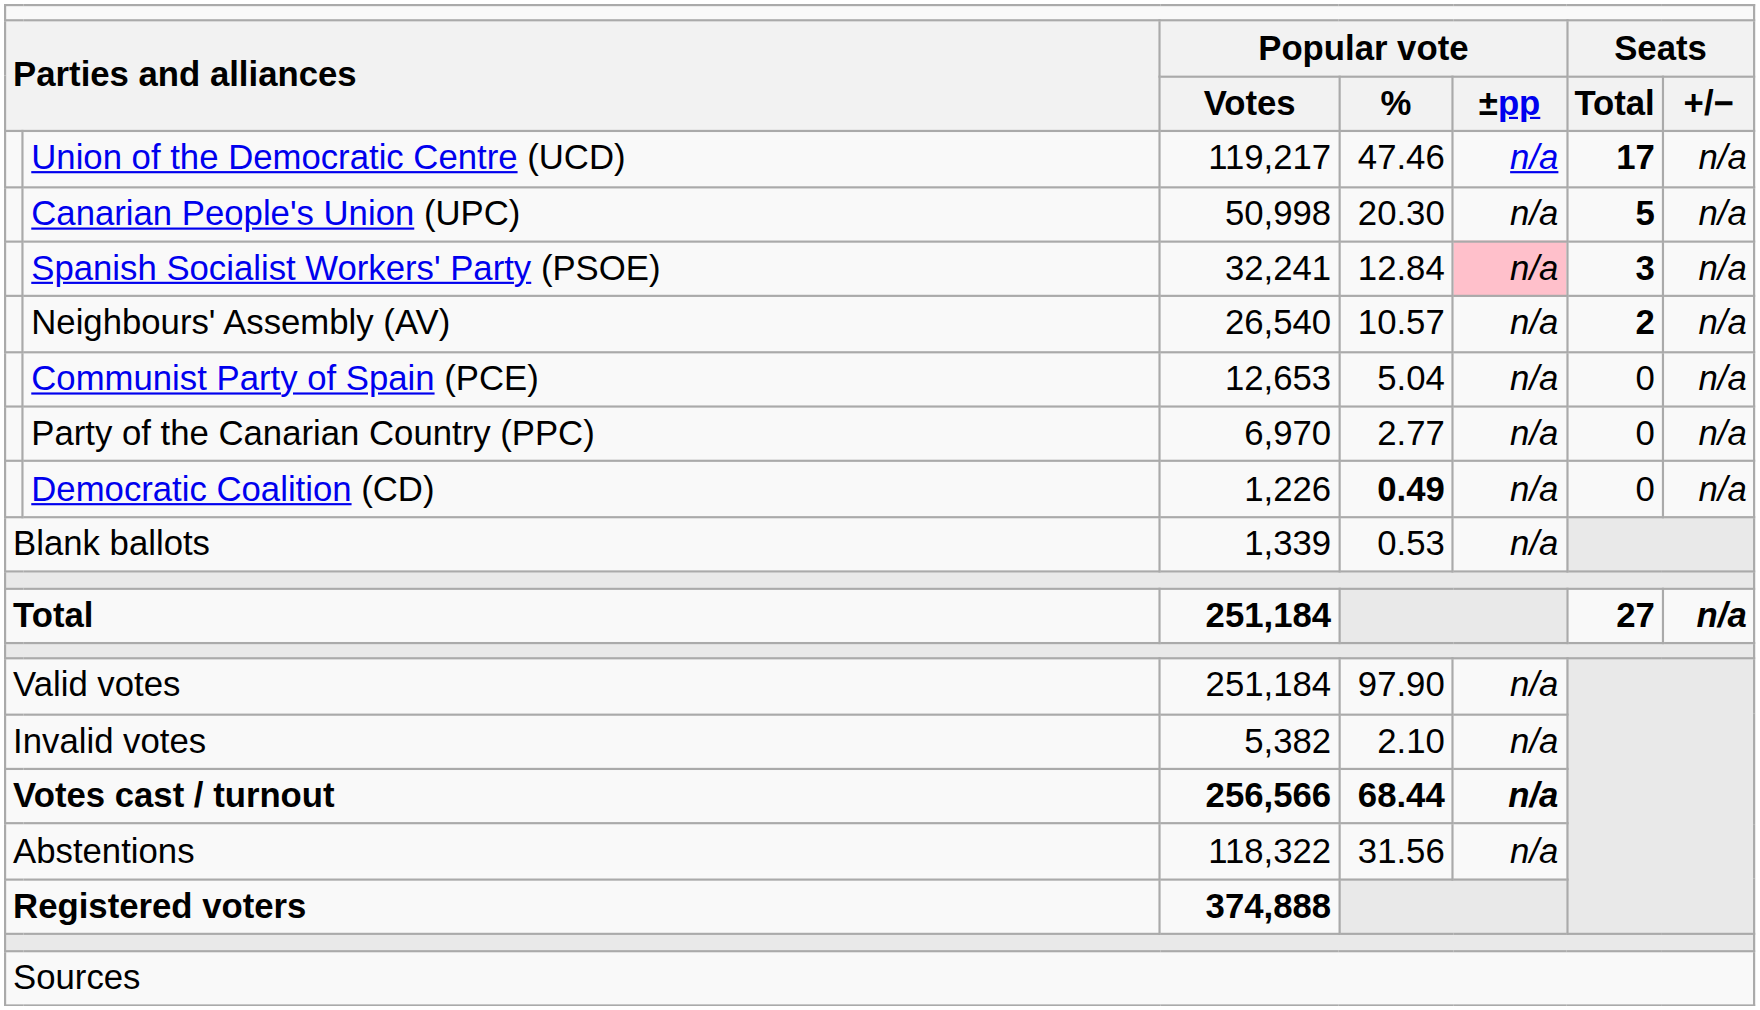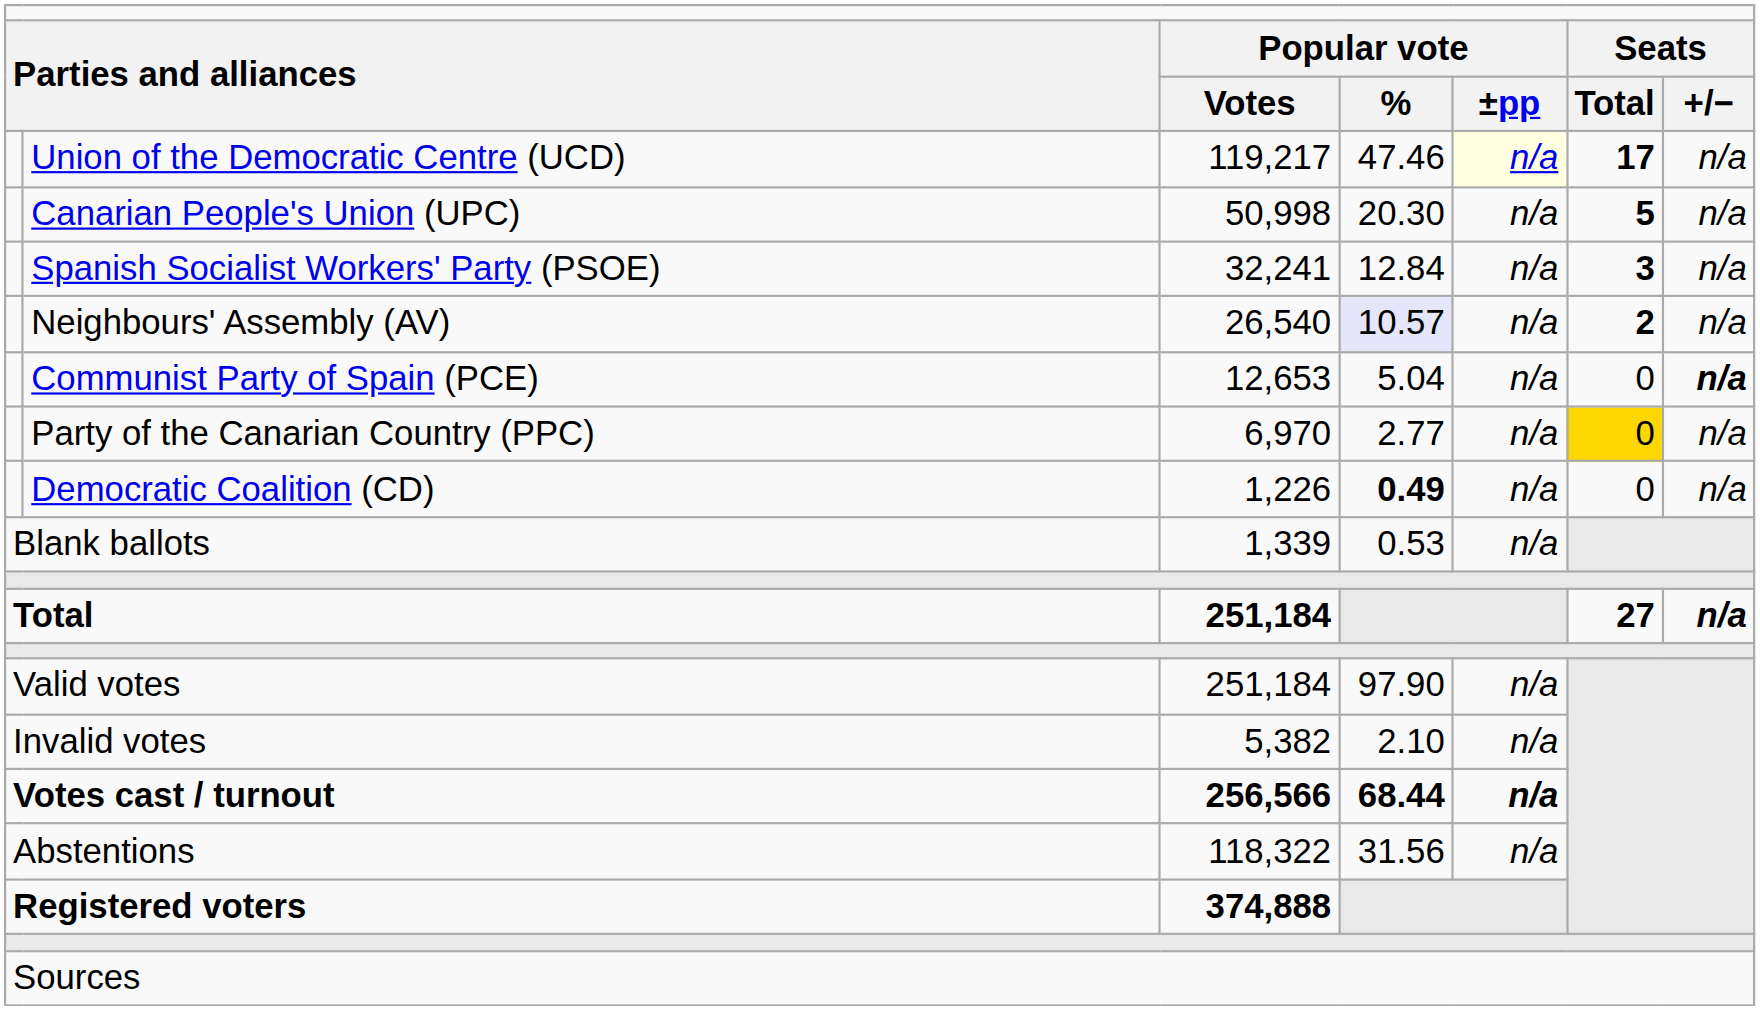 <table class="wikitable" style="text-align:right;">
 <tr>
 <td colspan="7"></td>
 </tr>
 <tr>
 <th style="text-align:left;" rowspan="2" colspan="2" width="525">Parties and alliances</th>
 <th colspan="3">Popular vote</th>
 <th colspan="2">Seats</th>
 </tr>
 <tr>
 <th width="75">Votes</th>
 <th width="45">%</th>
 <th width="45">±<a href='#'>pp</a></th>
 <th width="35">Total</th>
 <th width="35">+/−</th>
 </tr>
 <tr>
 <td width="1" style="color:inherit;background:"></td>
 <td align="left"><a href='#'>Union of the Democratic Centre</a> (UCD)</td>
 <td>119,217</td>
 <td>47.46</td>
-<td><em><a href='#'>n/a</a></em></td>
+<td style="background: lightyellow;"><em><a href='#'>n/a</a></em></td>
 <td><strong>17</strong></td>
 <td><em>n/a</em></td>
 </tr>
 <tr>
 <td style="color:inherit;background:"></td>
 <td align="left"><a href='#'>Canarian People's Union</a> (UPC)</td>
 <td>50,998</td>
 <td>20.30</td>
 <td><em>n/a</em></td>
 <td><strong>5</strong></td>
 <td><em>n/a</em></td>
 </tr>
 <tr>
 <td style="color:inherit;background:"></td>
 <td align="left"><a href='#'>Spanish Socialist Workers' Party</a> (PSOE)</td>
 <td>32,241</td>
 <td>12.84</td>
-<td style="background: pink;"><em>n/a</em></td>
+<td><em>n/a</em></td>
 <td><strong>3</strong></td>
 <td><em>n/a</em></td>
 </tr>
 <tr>
 <td style="color:inherit;background:"></td>
 <td align="left">Neighbours' Assembly (AV)</td>
 <td>26,540</td>
-<td>10.57</td>
+<td style="background: lavender;">10.57</td>
 <td><em>n/a</em></td>
 <td><strong>2</strong></td>
 <td><em>n/a</em></td>
 </tr>
 <tr>
 <td style="color:inherit;background:"></td>
 <td align="left"><a href='#'>Communist Party of Spain</a> (PCE)</td>
 <td>12,653</td>
 <td>5.04</td>
 <td><em>n/a</em></td>
 <td>0</td>
-<td><em>n/a</em></td>
+<td><strong><em>n/a</em></strong></td>
 </tr>
 <tr>
 <td style="color:inherit;background:"></td>
 <td align="left">Party of the Canarian Country (PPC)</td>
 <td>6,970</td>
 <td>2.77</td>
 <td><em>n/a</em></td>
-<td>0</td>
+<td style="background: gold;">0</td>
 <td><em>n/a</em></td>
 </tr>
 <tr>
 <td style="color:inherit;background:"></td>
 <td align="left"><a href='#'>Democratic Coalition</a> (CD)</td>
 <td>1,226</td>
 <td><strong>0.49</strong></td>
 <td><em>n/a</em></td>
 <td>0</td>
 <td><em>n/a</em></td>
 </tr>
 <tr>
 <td align="left" colspan="2">Blank ballots</td>
 <td>1,339</td>
 <td>0.53</td>
 <td><em>n/a</em></td>
 <td bgcolor="#E9E9E9" colspan="2"></td>
 </tr>
 <tr>
 <td colspan="7" bgcolor="#E9E9E9"></td>
 </tr>
 <tr style="font-weight:bold;">
 <td align="left" colspan="2">Total</td>
 <td>251,184</td>
 <td bgcolor="#E9E9E9" colspan="2"></td>
 <td>27</td>
 <td><em>n/a</em></td>
 </tr>
 <tr>
 <td colspan="7" bgcolor="#E9E9E9"></td>
 </tr>
 <tr>
 <td align="left" colspan="2">Valid votes</td>
 <td>251,184</td>
 <td>97.90</td>
 <td><em>n/a</em></td>
 <td bgcolor="#E9E9E9" colspan="2" rowspan="5"></td>
 </tr>
 <tr>
 <td align="left" colspan="2">Invalid votes</td>
 <td>5,382</td>
 <td>2.10</td>
 <td><em>n/a</em></td>
 </tr>
 <tr style="font-weight:bold;">
 <td align="left" colspan="2">Votes cast / turnout</td>
 <td>256,566</td>
 <td>68.44</td>
 <td><em>n/a</em></td>
 </tr>
 <tr>
 <td align="left" colspan="2">Abstentions</td>
 <td>118,322</td>
 <td>31.56</td>
 <td><em>n/a</em></td>
 </tr>
 <tr style="font-weight:bold;">
 <td align="left" colspan="2">Registered voters</td>
 <td>374,888</td>
 <td bgcolor="#E9E9E9" colspan="2"></td>
 </tr>
 <tr>
 <td colspan="7" bgcolor="#E9E9E9"></td>
 </tr>
 <tr>
 <td align="left" colspan="7">Sources</td>
 </tr>
 </table>
